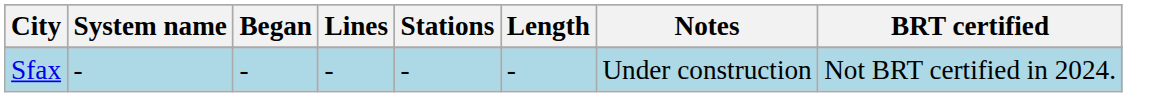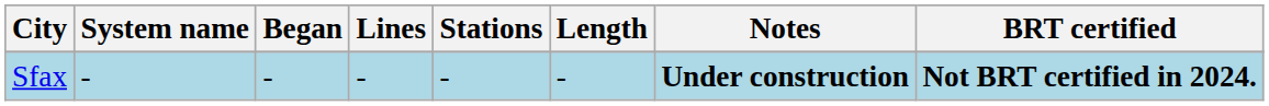 <table class="wikitable">
 <tr>
 <th>City</th>
 <th>System name</th>
 <th>Began</th>
 <th>Lines</th>
 <th>Stations</th>
 <th>Length</th>
 <th>Notes</th>
 <th>BRT certified</th>
 </tr>
 <tr>
 </tr>
 <tr style="background:lightblue;">
 <td><a href='#'>Sfax</a></td>
 <td>-</td>
 <td>-</td>
 <td>-</td>
 <td>-</td>
 <td>-</td>
-<td>Under construction</td>
-<td>Not BRT certified in 2024.</td>
+<td><strong>Under construction</strong></td>
+<td><strong>Not BRT certified in 2024.</strong></td>
 </tr>
 </table>
